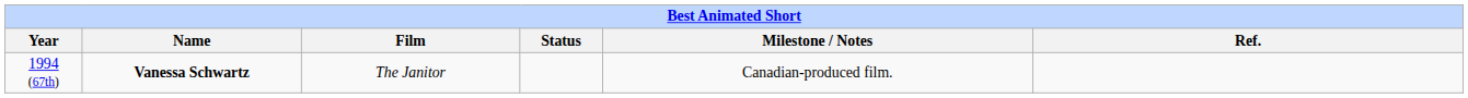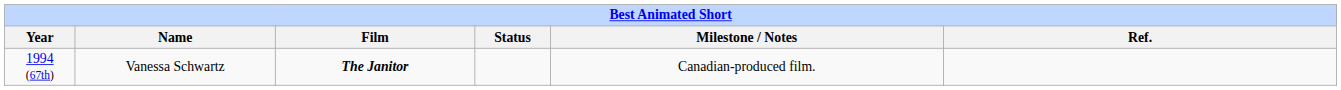 <table class="wikitable" style="text-align: center">
 <tr ---- bgcolor="#bfd7ff">
 <td colspan=6 align=center><strong><a href='#'>Best Animated Short</a></strong></td>
 </tr>
 <tr ---- bgcolor="#ebf5ff">
 <th width="075">Year</th>
 <th width="225">Name</th>
 <th width="225">Film</th>
 <th width="080">Status</th>
 <th width="450">Milestone / Notes</th>
 <th width="450">Ref.</th>
 </tr>
 <tr>
 <td><a href='#'>1994</a><br><small>(<a href='#'>67th</a>)</small></td>
-<td><strong>Vanessa Schwartz</strong></td>
-<td><em>The Janitor</em></td>
+<td>Vanessa Schwartz</td>
+<td><strong><em>The Janitor</em></strong></td>
 <td></td>
 <td>Canadian-produced film.</td>
 <td></td>
 </tr>
 </table>
